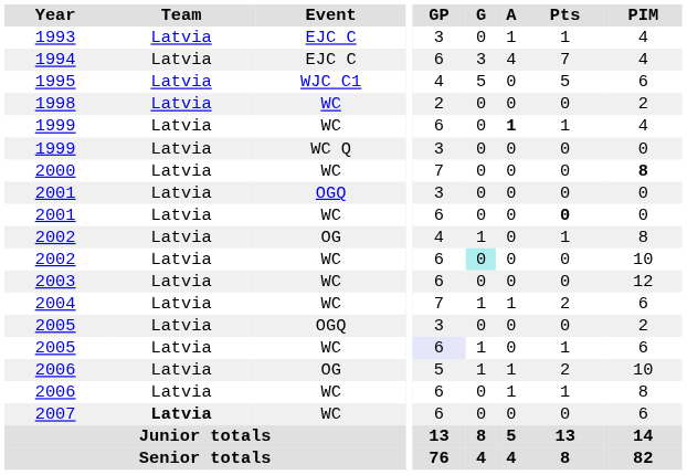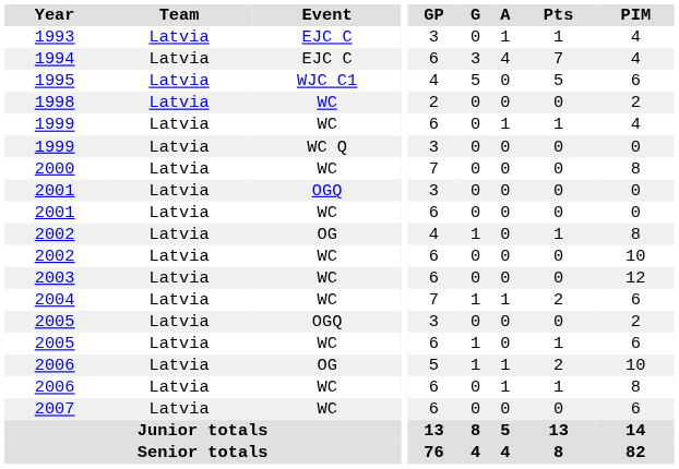 <table border="0" cellpadding="1" cellspacing="0" ID="Table3" style="text-align:center; width:40em">
 <tr ALIGN="center" bgcolor="#e0e0e0">
 <th>Year</th>
 <th>Team</th>
 <th>Event</th>
 <th rowspan="99" bgcolor="#ffffff"></th>
 <th>GP</th>
 <th>G</th>
 <th>A</th>
 <th>Pts</th>
 <th>PIM</th>
 </tr>
 <tr>
 <td><a href='#'>1993</a></td>
 <td><a href='#'>Latvia</a></td>
 <td><a href='#'>EJC C</a></td>
 <td>3</td>
 <td>0</td>
 <td>1</td>
 <td>1</td>
 <td>4</td>
 </tr>
 <tr bgcolor="#f0f0f0">
 <td><a href='#'>1994</a></td>
 <td>Latvia</td>
 <td>EJC C</td>
 <td>6</td>
 <td>3</td>
 <td>4</td>
 <td>7</td>
 <td>4</td>
 </tr>
 <tr>
 <td><a href='#'>1995</a></td>
 <td><a href='#'>Latvia</a></td>
 <td><a href='#'>WJC C1</a></td>
 <td>4</td>
 <td>5</td>
 <td>0</td>
 <td>5</td>
 <td>6</td>
 </tr>
 <tr bgcolor="#f0f0f0">
 <td><a href='#'>1998</a></td>
 <td><a href='#'>Latvia</a></td>
 <td><a href='#'>WC</a></td>
 <td>2</td>
 <td>0</td>
 <td>0</td>
 <td>0</td>
 <td>2</td>
 </tr>
 <tr>
 <td><a href='#'>1999</a></td>
 <td>Latvia</td>
 <td>WC</td>
 <td>6</td>
 <td>0</td>
-<td><strong>1</strong></td>
+<td>1</td>
 <td>1</td>
 <td>4</td>
 </tr>
 <tr bgcolor="#f0f0f0">
 <td><a href='#'>1999</a></td>
 <td>Latvia</td>
 <td>WC Q</td>
 <td>3</td>
 <td>0</td>
 <td>0</td>
 <td>0</td>
 <td>0</td>
 </tr>
 <tr>
 <td><a href='#'>2000</a></td>
 <td>Latvia</td>
 <td>WC</td>
 <td>7</td>
 <td>0</td>
 <td>0</td>
 <td>0</td>
-<td><strong>8</strong></td>
+<td>8</td>
 </tr>
 <tr bgcolor="#f0f0f0">
 <td><a href='#'>2001</a></td>
 <td>Latvia</td>
 <td><a href='#'>OGQ</a></td>
 <td>3</td>
 <td>0</td>
 <td>0</td>
 <td>0</td>
 <td>0</td>
 </tr>
 <tr>
 <td><a href='#'>2001</a></td>
 <td>Latvia</td>
 <td>WC</td>
 <td>6</td>
 <td>0</td>
 <td>0</td>
-<td><strong>0</strong></td>
+<td>0</td>
 <td>0</td>
 </tr>
 <tr bgcolor="#f0f0f0">
 <td><a href='#'>2002</a></td>
 <td>Latvia</td>
 <td>OG</td>
 <td>4</td>
 <td>1</td>
 <td>0</td>
 <td>1</td>
 <td>8</td>
 </tr>
 <tr>
 <td><a href='#'>2002</a></td>
 <td>Latvia</td>
 <td>WC</td>
 <td>6</td>
-<td style="background: paleturquoise;">0</td>
+<td>0</td>
 <td>0</td>
 <td>0</td>
 <td>10</td>
 </tr>
 <tr bgcolor="#f0f0f0">
 <td><a href='#'>2003</a></td>
 <td>Latvia</td>
 <td>WC</td>
 <td>6</td>
 <td>0</td>
 <td>0</td>
 <td>0</td>
 <td>12</td>
 </tr>
 <tr>
 <td><a href='#'>2004</a></td>
 <td>Latvia</td>
 <td>WC</td>
 <td>7</td>
 <td>1</td>
 <td>1</td>
 <td>2</td>
 <td>6</td>
 </tr>
 <tr bgcolor="#f0f0f0">
 <td><a href='#'>2005</a></td>
 <td>Latvia</td>
 <td>OGQ</td>
 <td>3</td>
 <td>0</td>
 <td>0</td>
 <td>0</td>
 <td>2</td>
 </tr>
 <tr>
 <td><a href='#'>2005</a></td>
 <td>Latvia</td>
 <td>WC</td>
-<td style="background: lavender;">6</td>
+<td>6</td>
 <td>1</td>
 <td>0</td>
 <td>1</td>
 <td>6</td>
 </tr>
 <tr bgcolor="#f0f0f0">
 <td><a href='#'>2006</a></td>
 <td>Latvia</td>
 <td>OG</td>
 <td>5</td>
 <td>1</td>
 <td>1</td>
 <td>2</td>
 <td>10</td>
 </tr>
 <tr>
 <td><a href='#'>2006</a></td>
 <td>Latvia</td>
 <td>WC</td>
 <td>6</td>
 <td>0</td>
 <td>1</td>
 <td>1</td>
 <td>8</td>
 </tr>
 <tr bgcolor="#f0f0f0">
 <td><a href='#'>2007</a></td>
-<td><strong>Latvia</strong></td>
+<td>Latvia</td>
 <td>WC</td>
 <td>6</td>
 <td>0</td>
 <td>0</td>
 <td>0</td>
 <td>6</td>
 </tr>
 <tr style="background: #e0e0e0;">
 <th colspan="3">Junior totals</th>
 <th>13</th>
 <th>8</th>
 <th>5</th>
 <th>13</th>
 <th>14</th>
 </tr>
 <tr style="background: #e0e0e0;">
 <th colspan="3">Senior totals</th>
 <th>76</th>
 <th>4</th>
 <th>4</th>
 <th>8</th>
 <th>82</th>
 </tr>
 </table>
